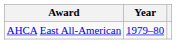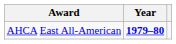 <table class="wikitable">
 <tr>
 <th>Award</th>
 <th>Year</th>
 <th></th>
 </tr>
 <tr>
 <td><a href='#'>AHCA</a> <a href='#'>East All-American</a></td>
-<td><a href='#'>1979–80</a></td>
+<td><strong><a href='#'>1979–80</a></strong></td>
 <td></td>
 </tr>
 </table>
